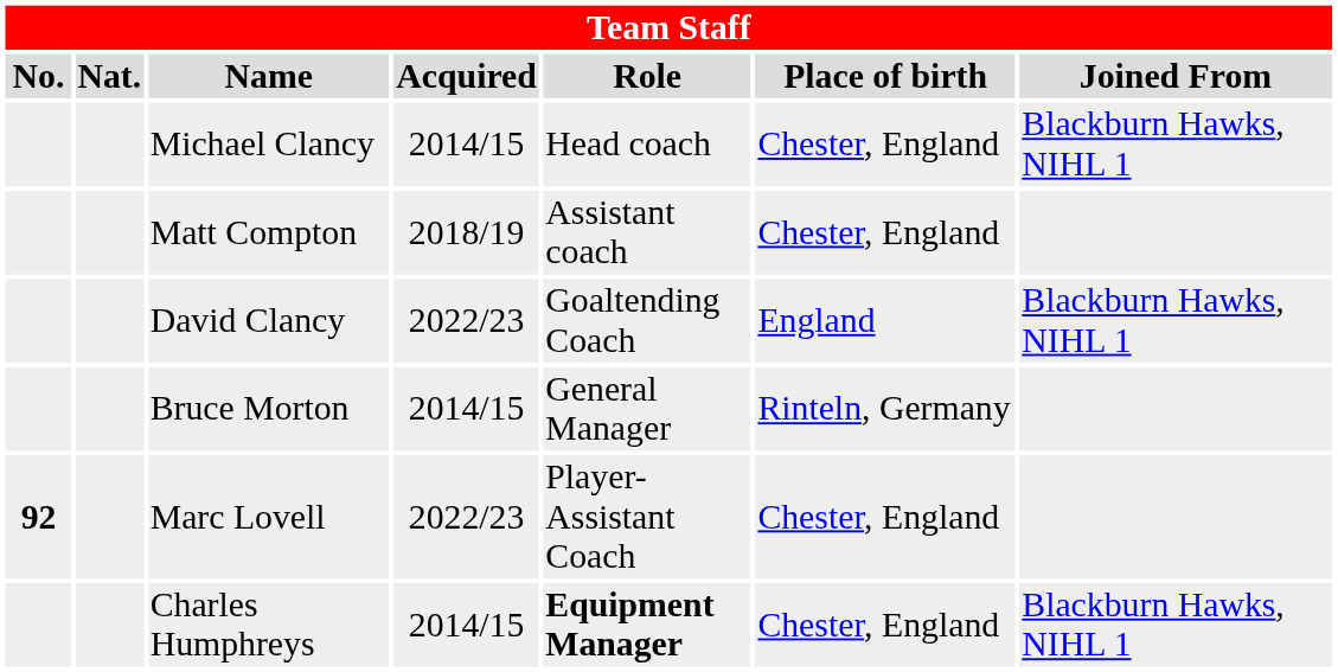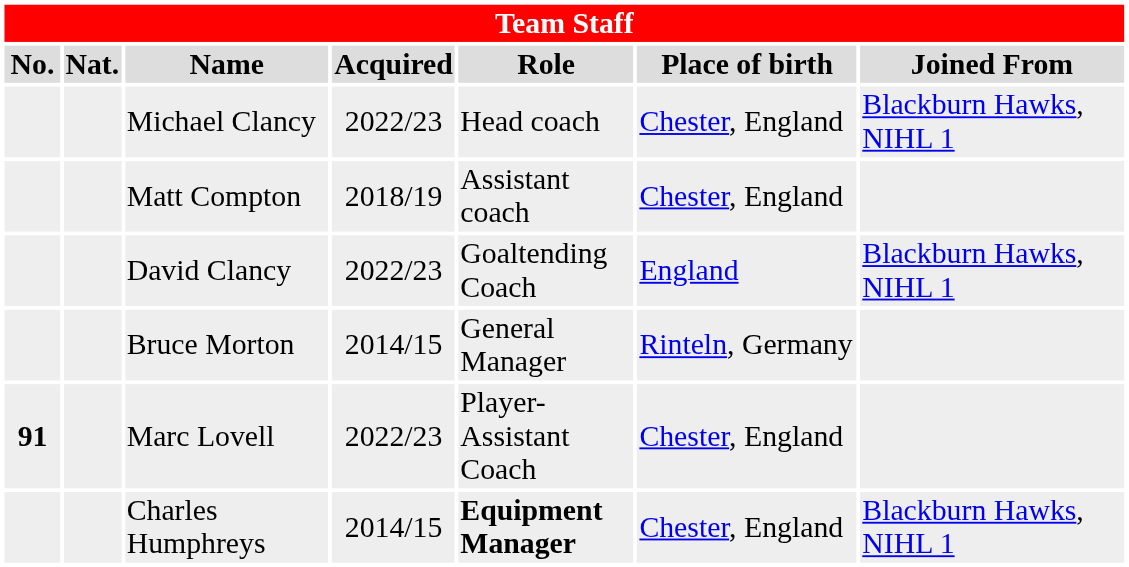 <table class="toccolours"  style="width:97%; clear:both; margin:1.5em auto; text-align:center;">
 <tr>
 <th colspan="11" style="background:red; color:white;”">Team Staff</th>
 </tr>
 <tr style="background:#ddd;">
 <th width=5%>No.</th>
 <th width=5%>Nat.</th>
 <th !width=22%>Name</th>
 <th width=7%>Acquired</th>
 <th width=16%>Role</th>
 <th width=20%>Place of birth</th>
 <th width=24%>Joined From</th>
 </tr>
 <tr style="background:#eee;">
 <td></td>
 <td></td>
 <td align=left>Michael Clancy</td>
-<td>2014/15</td>
+<td>2022/23</td>
 <td align=left>Head coach</td>
 <td align=left><a href='#'>Chester</a>, England</td>
 <td align=left><a href='#'>Blackburn Hawks</a>, <a href='#'>NIHL 1</a></td>
 </tr>
 <tr style="background:#eee;">
 <td></td>
 <td></td>
 <td align=left>Matt Compton</td>
 <td>2018/19</td>
 <td align=left>Assistant coach</td>
 <td align=left><a href='#'>Chester</a>, England</td>
 <td align=left></td>
 </tr>
 <tr style="background:#eee;">
 <td></td>
 <td></td>
 <td align=left>David Clancy</td>
 <td>2022/23</td>
 <td align=left>Goaltending Coach</td>
 <td align=left><a href='#'>England</a></td>
 <td align=left><a href='#'>Blackburn Hawks</a>, <a href='#'>NIHL 1</a></td>
 </tr>
 <tr style="background:#eee;">
 <td></td>
 <td></td>
 <td align=left>Bruce Morton</td>
 <td>2014/15</td>
 <td align=left>General Manager</td>
 <td align=left><a href='#'>Rinteln</a>, Germany</td>
 <td align=left></td>
 </tr>
 <tr style="background:#eee;">
-<td><strong>92</strong></td>
+<td><strong>91</strong></td>
 <td></td>
 <td align=left>Marc Lovell</td>
 <td>2022/23</td>
 <td align=left>Player-Assistant Coach</td>
 <td align=left><a href='#'>Chester</a>, England</td>
 <td align=left></td>
 </tr>
 <tr style="background:#eee;">
 <td></td>
 <td></td>
 <td align=left>Charles Humphreys</td>
 <td>2014/15</td>
 <td align=left><strong>Equipment Manager</strong></td>
 <td align=left><a href='#'>Chester</a>, England</td>
 <td align=left><a href='#'>Blackburn Hawks</a>, <a href='#'>NIHL 1</a></td>
 </tr>
 </table>
